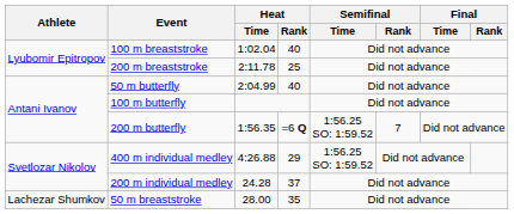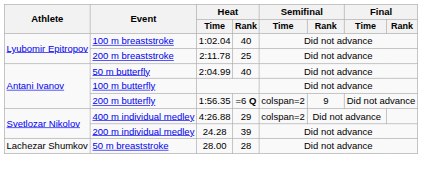 <table class="wikitable" style="text-align:center; font-size:90%">
 <tr>
 <th rowspan="2">Athlete</th>
 <th rowspan="2">Event</th>
 <th colspan="2">Heat</th>
 <th colspan="2">Semifinal</th>
 <th colspan="2">Final</th>
 </tr>
 <tr style="font-size:95%">
 <th>Time</th>
 <th>Rank</th>
 <th>Time</th>
 <th>Rank</th>
 <th>Time</th>
 <th>Rank</th>
 </tr>
 <tr>
 <td align=left rowspan=2><a href='#'>Lyubomir Epitropov</a></td>
 <td align=left><a href='#'>100 m breaststroke</a></td>
 <td>1:02.04</td>
 <td>40</td>
 <td colspan=4>Did not advance</td>
 </tr>
 <tr>
 <td align=left><a href='#'>200 m breaststroke</a></td>
 <td>2:11.78</td>
 <td>25</td>
 <td colspan=4>Did not advance</td>
 </tr>
 <tr>
 <td align=left rowspan=3><a href='#'>Antani Ivanov</a></td>
 <td align=left><a href='#'>50 m butterfly</a></td>
 <td>2:04.99</td>
 <td>40</td>
 <td colspan=4>Did not advance</td>
 </tr>
 <tr>
 <td align=left><a href='#'>100 m butterfly</a></td>
 <td colspan=2></td>
 <td colspan=4>Did not advance</td>
 </tr>
 <tr>
 <td align=left><a href='#'>200 m butterfly</a></td>
 <td>1:56.35</td>
 <td>=6 <strong>Q</strong></td>
-<td>1:56.25<br>SO: 1:59.52</td>
-<td>7</td>
+<td>colspan=2 </td>
+<td>9</td>
 <td colspan=2>Did not advance</td>
 </tr>
 <tr>
 <td align=left rowspan=2><a href='#'>Svetlozar Nikolov</a></td>
 <td align=left><a href='#'>400 m individual medley</a></td>
 <td>4:26.88</td>
 <td>29</td>
-<td>1:56.25<br>SO: 1:59.52</td>
+<td>colspan=2 </td>
 <td colspan=2>Did not advance</td>
 </tr>
 <tr>
 <td align=left><a href='#'>200 m individual medley</a></td>
 <td>24.28</td>
-<td>37</td>
+<td>39</td>
 <td colspan=4>Did not advance</td>
 </tr>
 <tr>
 <td align=left>Lachezar Shumkov</td>
 <td align=left><a href='#'>50 m breaststroke</a></td>
 <td>28.00</td>
-<td>35</td>
+<td>28</td>
 <td colspan=4>Did not advance</td>
 </tr>
 </table>
